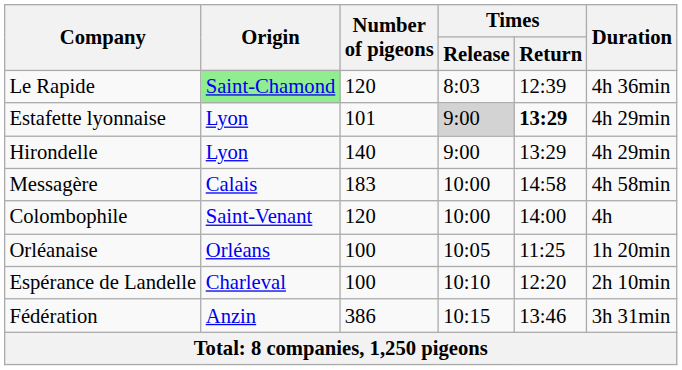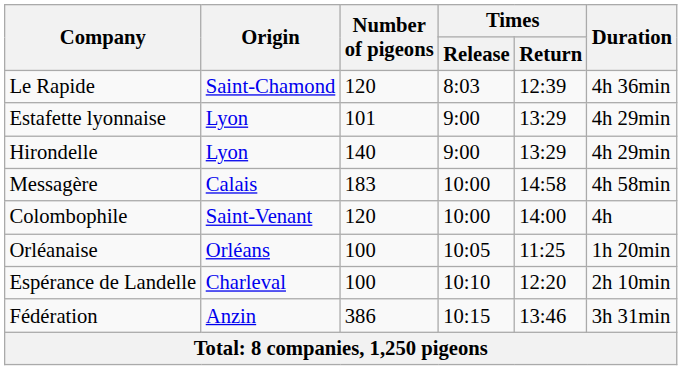 <table class="wikitable">
 <tr>
 <th rowspan="2">Company</th>
 <th rowspan="2">Origin</th>
 <th rowspan="2">Number<br>of pigeons</th>
 <th colspan="2">Times</th>
 <th rowspan="2">Duration</th>
 </tr>
 <tr>
 <th>Release</th>
 <th>Return</th>
 </tr>
 <tr>
 <td>Le Rapide</td>
-<td style="background: lightgreen;"><a href='#'>Saint-Chamond</a></td>
+<td><a href='#'>Saint-Chamond</a></td>
 <td>120</td>
 <td>8:03</td>
 <td>12:39</td>
 <td>4h 36min</td>
 </tr>
 <tr>
 <td>Estafette lyonnaise</td>
 <td><a href='#'>Lyon</a></td>
 <td>101</td>
-<td style="background: lightgrey;">9:00</td>
-<td><strong>13:29</strong></td>
+<td>9:00</td>
+<td>13:29</td>
 <td>4h 29min</td>
 </tr>
 <tr>
 <td>Hirondelle</td>
 <td><a href='#'>Lyon</a></td>
 <td>140</td>
 <td>9:00</td>
 <td>13:29</td>
 <td>4h 29min</td>
 </tr>
 <tr>
 <td>Messagère</td>
 <td><a href='#'>Calais</a></td>
 <td>183</td>
 <td>10:00</td>
 <td>14:58</td>
 <td>4h 58min</td>
 </tr>
 <tr>
 <td>Colombophile</td>
 <td><a href='#'>Saint-Venant</a></td>
 <td>120</td>
 <td>10:00</td>
 <td>14:00</td>
 <td>4h</td>
 </tr>
 <tr>
 <td>Orléanaise</td>
 <td><a href='#'>Orléans</a></td>
 <td>100</td>
 <td>10:05</td>
 <td>11:25</td>
 <td>1h 20min</td>
 </tr>
 <tr>
 <td>Espérance de Landelle</td>
 <td><a href='#'>Charleval</a></td>
 <td>100</td>
 <td>10:10</td>
 <td>12:20</td>
 <td>2h 10min</td>
 </tr>
 <tr>
 <td>Fédération</td>
 <td><a href='#'>Anzin</a></td>
 <td>386</td>
 <td>10:15</td>
 <td>13:46</td>
 <td>3h 31min</td>
 </tr>
 <tr>
 <th colspan="6">Total: 8 companies, 1,250 pigeons</th>
 </tr>
 </table>
